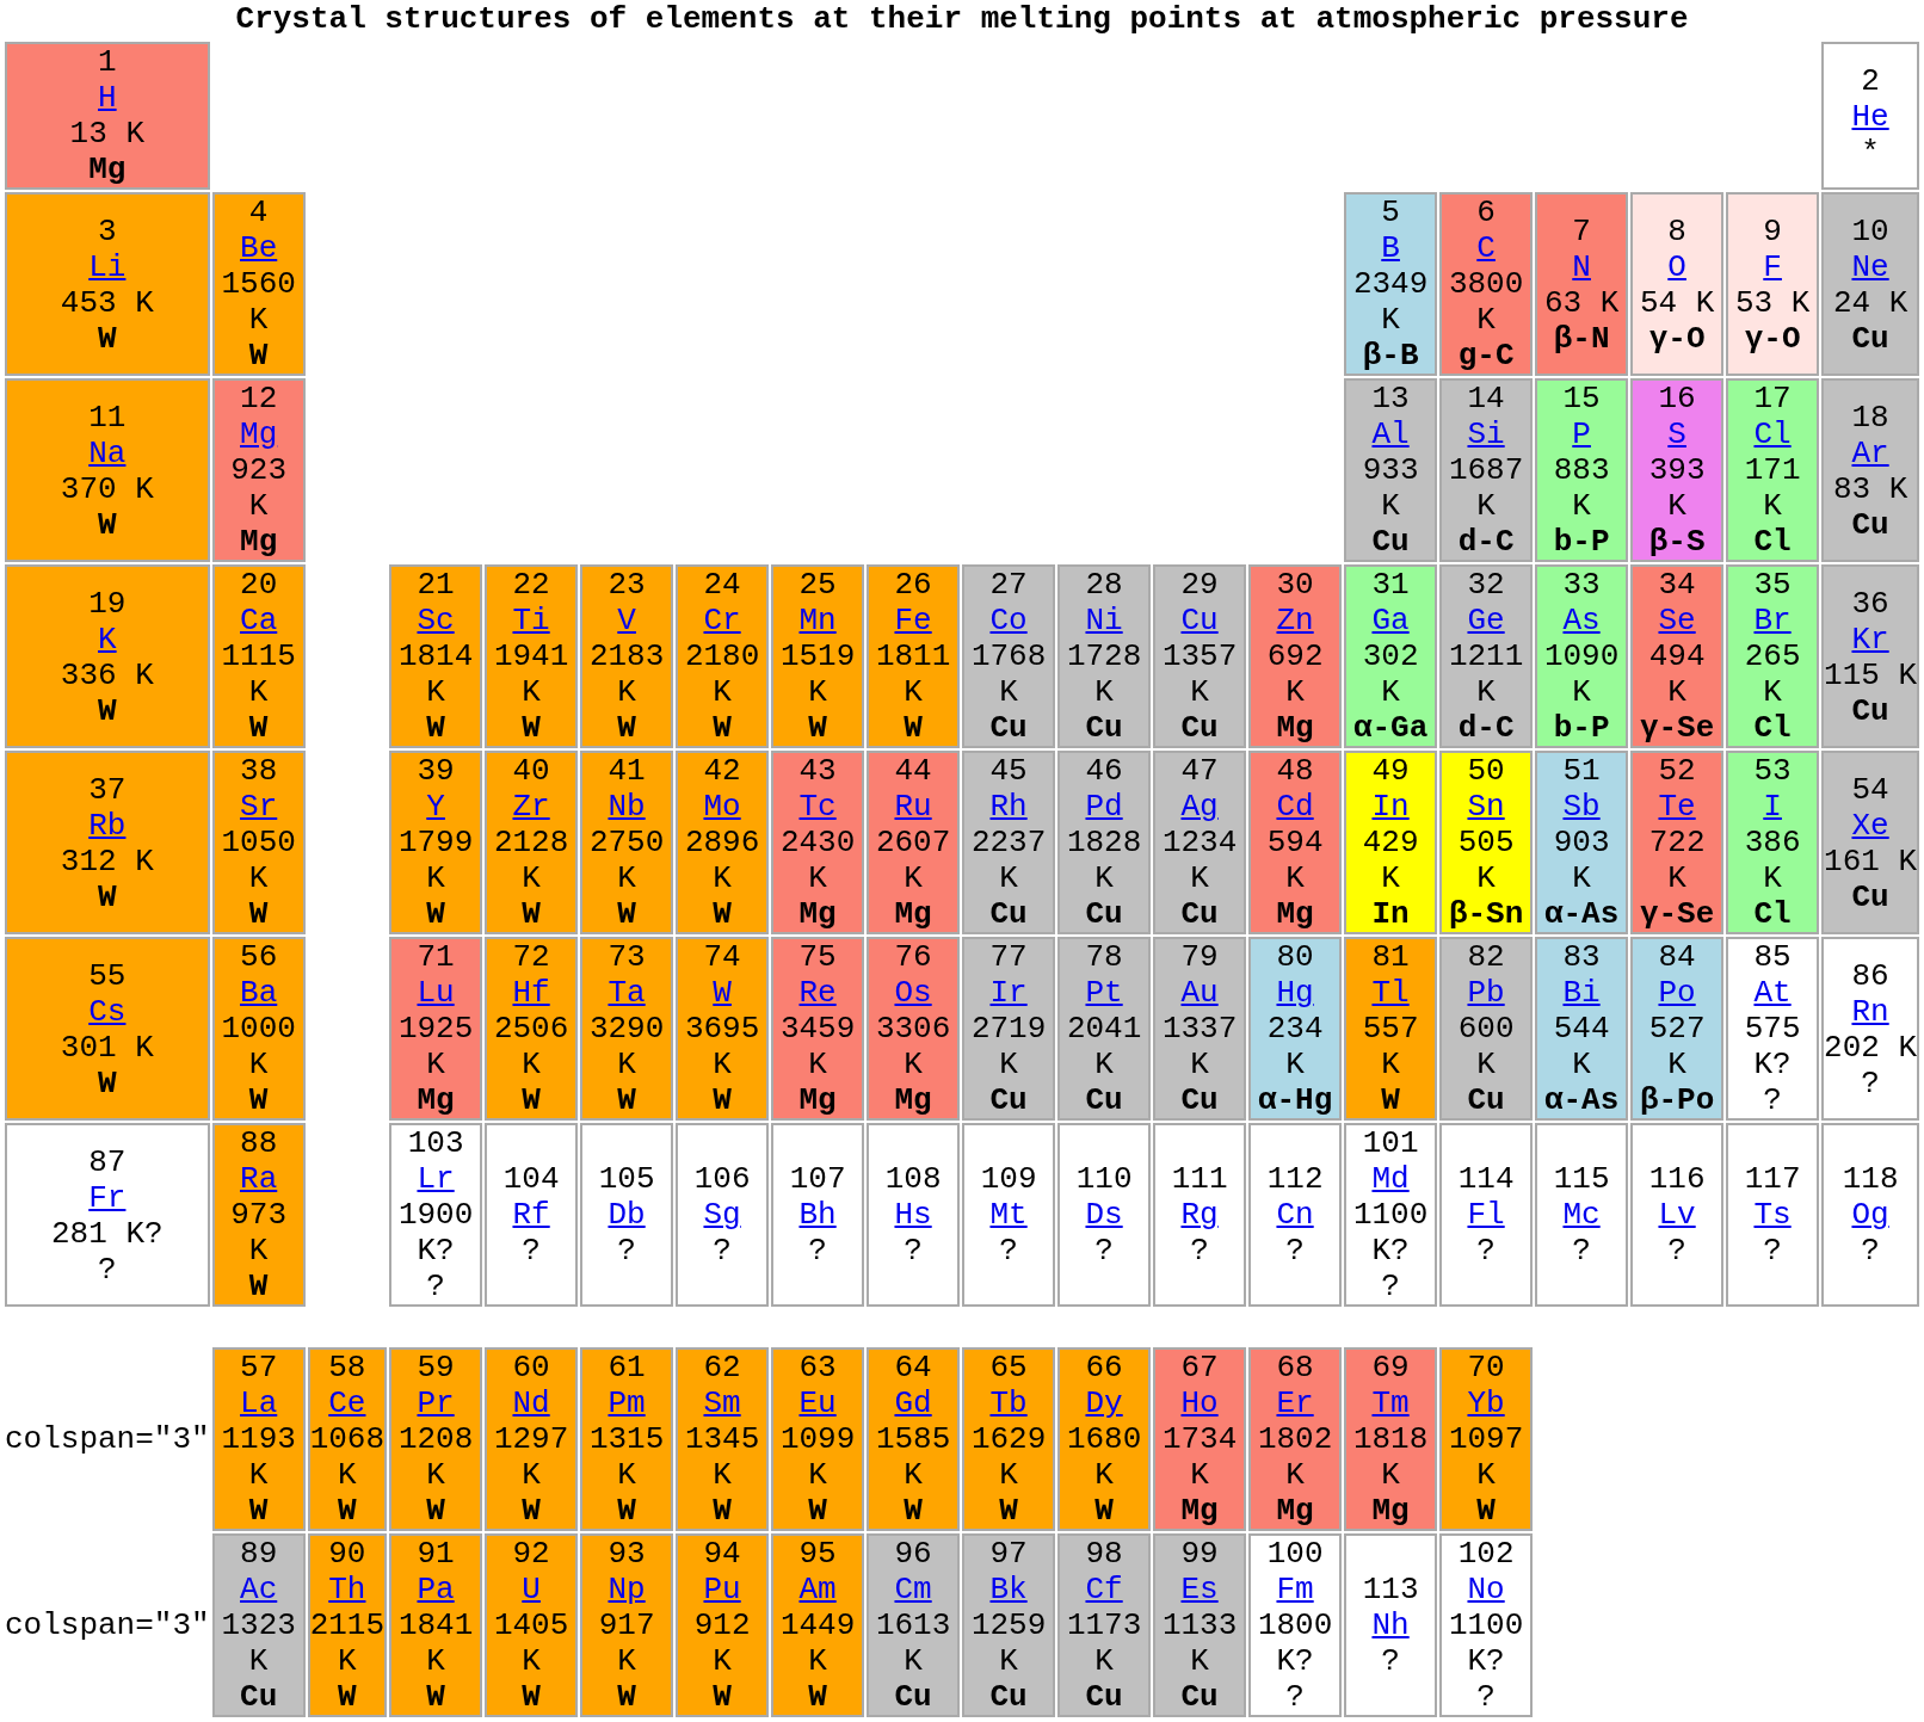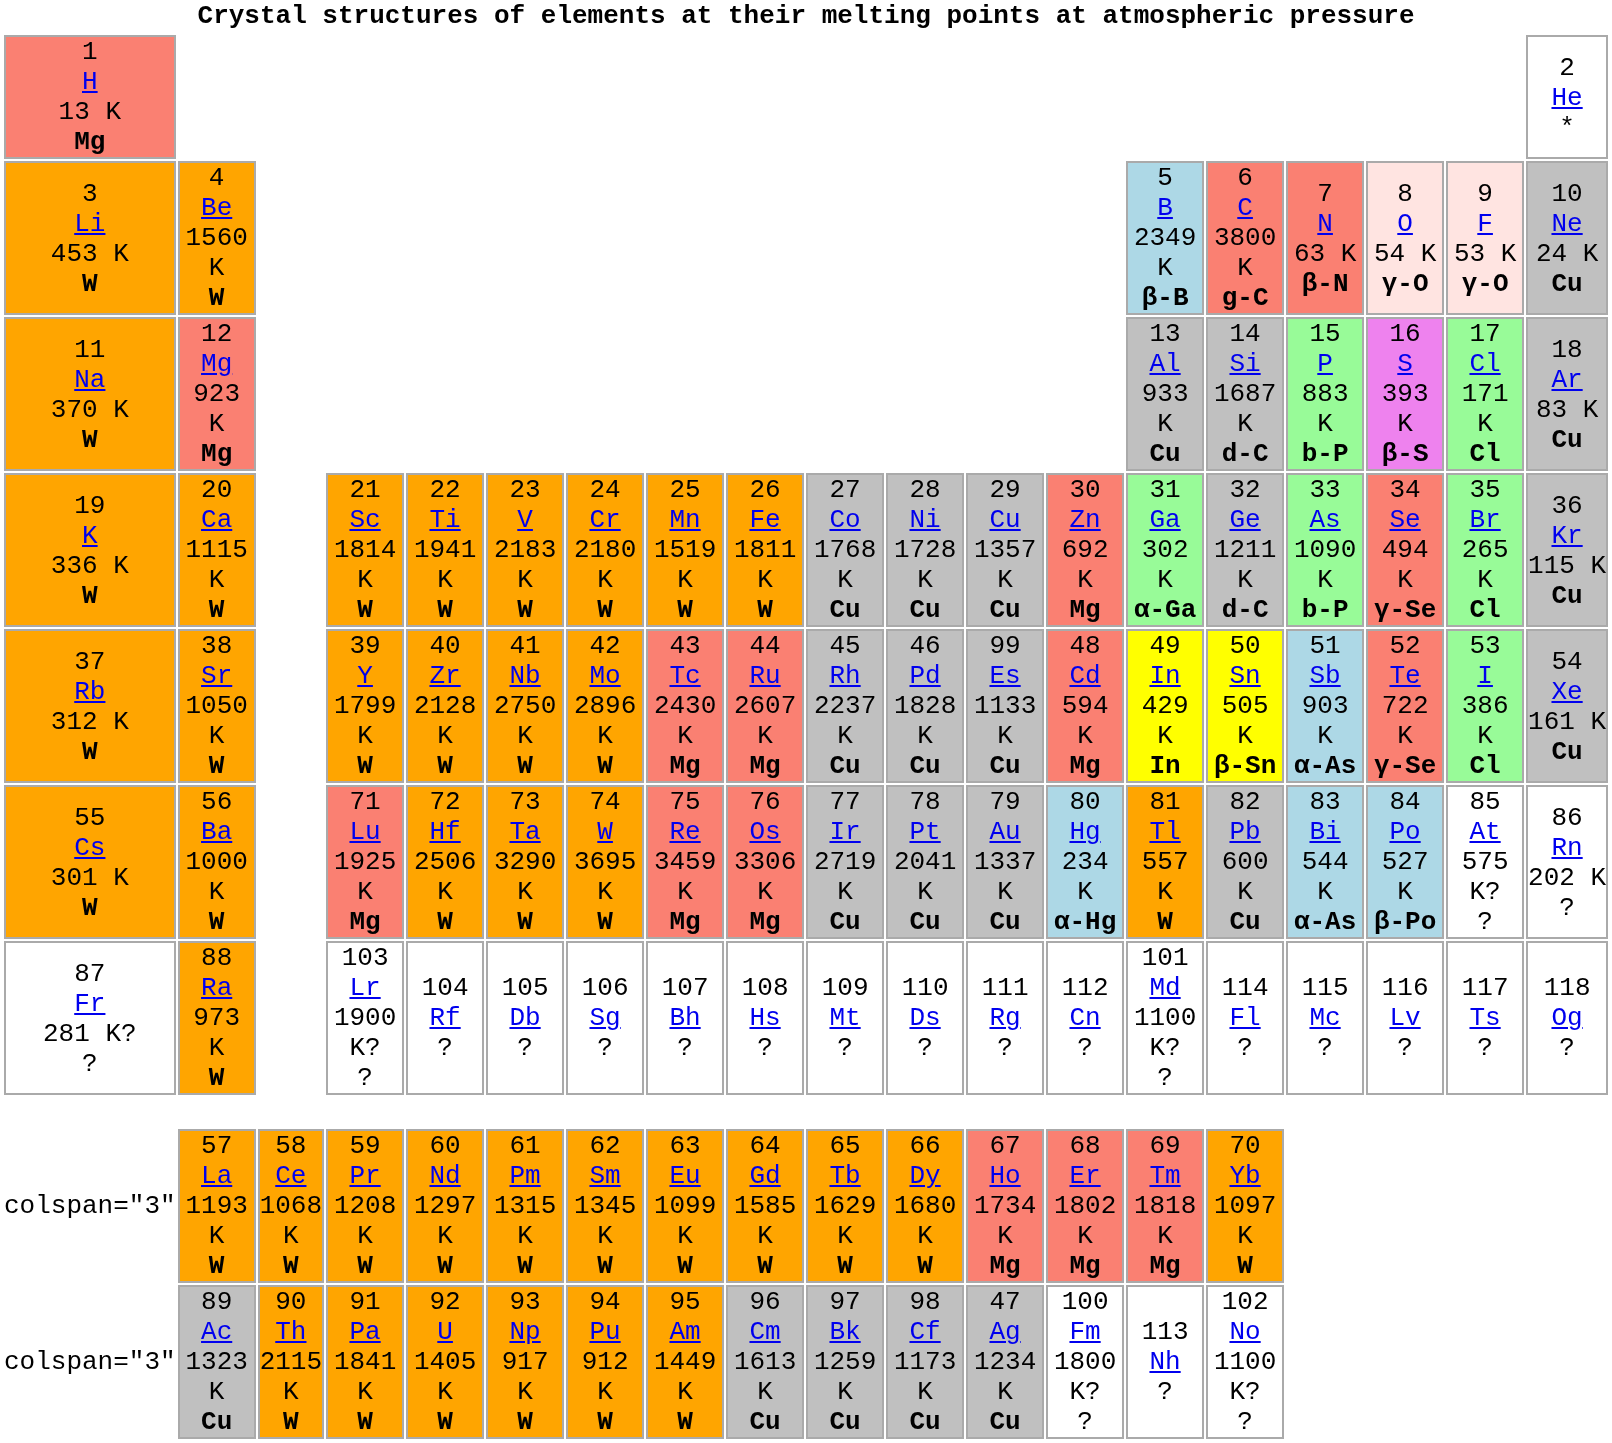 <table border="0" cellpadding="0" cellspacing="1" style="text-align:center; background:">
 <tr>
 <th colspan=20 style="background:">Crystal structures of elements at their melting points at atmospheric pressure</th>
 </tr>
 <tr style="background:">
 </tr>
 <tr>
 <td style="width:3em; border:1px solid #aaaaaa;  background-color:salmon;">1<br><a href='#'>H</a><br>13 K<br><strong>Mg</strong></td>
 <td style="width:3em;"></td>
 <td style="width:0.5em;"></td>
 <td style="width:3em;"></td>
 <td style="width:3em;"></td>
 <td style="width:3em;"></td>
 <td style="width:3em;"></td>
 <td style="width:3em;"></td>
 <td style="width:3em;"></td>
 <td style="width:3em;"></td>
 <td style="width:3em;"></td>
 <td style="width:3em;"></td>
 <td style="width:3em;"></td>
 <td style="width:3em;"></td>
 <td style="width:3em;"></td>
 <td style="width:3em;"></td>
 <td style="width:3em;"></td>
 <td style="width:3em;"></td>
 <td style="width:3em; border:1px solid #aaaaaa; background-color:white;">2<br><a href='#'>He</a><br>*<br></td>
 </tr>
 <tr>
 <td style="border:1px solid #aaaaaa; background-color:orange;">3<br> <a href='#'>Li</a><br>453 K<br><strong>W</strong></td>
 <td style="border:1px solid #aaaaaa; background-color:orange;">4<br> <a href='#'>Be</a><br>1560 K<br><strong>W</strong></td>
 <td colspan=11></td>
 <td style="border:1px solid #aaaaaa; background-color:lightblue;">5<br> <a href='#'>B</a><br>2349 K<br><strong>β-B</strong></td>
 <td style="border:1px solid #aaaaaa; background-color:salmon;">6<br> <a href='#'>C</a><br>3800 K<br><strong>g-C</strong></td>
 <td style="border:1px solid #aaaaaa; background-color:salmon;">7<br> <a href='#'>N</a><br>63 K<br><strong>β-N</strong></td>
 <td style="border:1px solid #aaaaaa; background-color:mistyrose;">8<br> <a href='#'>O</a><br> 54 K<br><strong>γ-O</strong></td>
 <td style="border:1px solid #aaaaaa; background-color:mistyrose;">9<br> <a href='#'>F</a><br>53 K<br><strong>γ-O</strong></td>
 <td style="border:1px solid #aaaaaa; background-color:silver;">10<br> <a href='#'>Ne</a><br>24 K<br><strong>Cu</strong></td>
 </tr>
 <tr>
 <td style="border:1px solid #aaaaaa; background-color:orange;">11<br> <a href='#'>Na</a><br>370 K<br><strong>W</strong></td>
 <td style="border:1px solid #aaaaaa; background-color:salmon;">12<br> <a href='#'>Mg</a><br>923 K<br><strong>Mg</strong></td>
 <td colspan=11></td>
 <td style="border:1px solid #aaaaaa; background-color:silver;">13<br> <a href='#'>Al</a> <br>933 K<br><strong>Cu</strong></td>
 <td style="border:1px solid #aaaaaa; background-color:silver;">14<br> <a href='#'>Si</a> <br>1687 K<br><strong>d-C</strong></td>
 <td style="border:1px solid #aaaaaa; background-color:palegreen;">15<br> <a href='#'>P</a> <br>883 K<br><strong>b-P</strong></td>
 <td style="border:1px solid #aaaaaa; background-color:violet;">16<br> <a href='#'>S</a> <br>393 K<br><strong>β-S</strong></td>
 <td style="border:1px solid #aaaaaa; background-color:palegreen;">17<br> <a href='#'>Cl</a> <br>171 K<br><strong>Cl</strong></td>
 <td style="border:1px solid #aaaaaa; background-color:silver;">18<br> <a href='#'>Ar</a> <br>83 K<br><strong>Cu</strong></td>
 </tr>
 <tr>
 <td style="border:1px solid #aaaaaa; background-color:orange;">19<br><a href='#'>K</a><br>336 K<br><strong>W</strong></td>
 <td style="border:1px solid #aaaaaa; background-color:orange;">20<br> <a href='#'>Ca</a> <br>1115 K<br><strong>W</strong></td>
 <td></td>
 <td style="border:1px solid #aaaaaa; background-color:orange;">21<br><a href='#'>Sc</a><br>1814 K<br><strong>W</strong></td>
 <td style="border:1px solid #aaaaaa; background-color:orange;">22<br><a href='#'>Ti</a> <br>1941 K<br><strong>W</strong></td>
 <td style="border:1px solid #aaaaaa; background-color:orange;">23<br> <a href='#'>V</a><br>2183 K<br><strong>W</strong></td>
 <td style="border:1px solid #aaaaaa; background-color:orange;">24<br><a href='#'>Cr</a> <br>2180 K<br><strong>W</strong></td>
 <td style="border:1px solid #aaaaaa; background-color:orange;">25<br> <a href='#'>Mn</a><br>1519 K<br><strong>W</strong></td>
 <td style="border:1px solid #aaaaaa; background-color:orange;">26<br><a href='#'>Fe</a> <br>1811 K<br><strong>W</strong></td>
 <td style="border:1px solid #aaaaaa; background-color:silver;">27<br> <a href='#'>Co</a> <br>1768 K<br><strong>Cu</strong></td>
 <td style="border:1px solid #aaaaaa; background-color:silver;">28<br> <a href='#'>Ni</a> <br>1728 K<br><strong>Cu</strong></td>
 <td style="border:1px solid #aaaaaa; background-color:silver">29<br><a href='#'>Cu</a> <br>1357 K<br><strong>Cu</strong></td>
 <td style="border:1px solid #aaaaaa; background-color:salmon">30<br> <a href='#'>Zn</a> <br>692 K<br><strong>Mg</strong></td>
 <td style="border:1px solid #aaaaaa; background-color:palegreen;">31<br><a href='#'>Ga</a> <br>302 K<br><strong>α-Ga</strong></td>
 <td style="border:1px solid #aaaaaa; background-color:silver">32<br> <a href='#'>Ge</a> <br>1211 K<br><strong>d-C</strong></td>
 <td style="border:1px solid #aaaaaa; background-color:palegreen;">33<br><a href='#'>As</a> <br>1090 K<br><strong>b-P</strong></td>
 <td style="border:1px solid #aaaaaa; background-color:salmon;">34<br><a href='#'>Se</a> <br>494 K<br><strong>γ-Se</strong></td>
 <td style="border:1px solid #aaaaaa; background-color:palegreen;">35<br><a href='#'>Br</a> <br>265 K<br><strong>Cl</strong></td>
 <td style="border:1px solid #aaaaaa; background-color:silver;">36<br> <a href='#'>Kr</a> <br>115 K<br><strong>Cu</strong></td>
 </tr>
 <tr>
 <td style="border:1px solid #aaaaaa; background-color:orange;">37<br> <a href='#'>Rb</a> <br>312 K<br><strong>W</strong></td>
 <td style="border:1px solid #aaaaaa; background-color:orange;">38<br> <a href='#'>Sr</a> <br>1050 K<br><strong>W</strong></td>
 <td></td>
 <td style="border:1px solid #aaaaaa; background-color:orange;">39<br> <a href='#'>Y</a> <br>1799 K<br><strong>W</strong></td>
 <td style="border:1px solid #aaaaaa; background-color:orange;">40<br><a href='#'>Zr</a> <br>2128 K<br><strong>W</strong></td>
 <td style="border:1px solid #aaaaaa; background-color:orange;">41<br><a href='#'>Nb</a> <br>2750 K<br><strong>W</strong></td>
 <td style="border:1px solid #aaaaaa; background-color:orange;">42<br> <a href='#'>Mo</a> <br>2896 K<br><strong>W</strong></td>
 <td style="border:1px solid #aaaaaa; background-color:salmon;">43<br> <a href='#'>Tc</a> <br>2430 K<br><strong>Mg</strong></td>
 <td style="border:1px solid #aaaaaa; background-color:salmon;">44<br> <a href='#'>Ru</a> <br>2607 K<br><strong>Mg</strong></td>
 <td style="border:1px solid #aaaaaa; background-color:silver;">45<br> <a href='#'>Rh</a> <br>2237 K<br><strong>Cu</strong></td>
 <td style="border:1px solid #aaaaaa; background-color:silver;">46<br> <a href='#'>Pd</a> <br>1828 K<br><strong>Cu</strong></td>
-<td style="border:1px solid #aaaaaa; background-color:silver;">47<br> <a href='#'>Ag</a> <br>1234 K<br><strong>Cu</strong></td>
+<td style="border:1px solid #aaaaaa; background-color:silver;">99<br><a href='#'>Es</a><br>1133 K<br><strong>Cu</strong></td>
 <td style="border:1px solid #aaaaaa; background-color:salmon;">48<br> <a href='#'>Cd</a> <br>594 K<br><strong>Mg</strong></td>
 <td style="border:1px solid #aaaaaa; background-color:yellow;">49<br> <a href='#'>In</a> <br>429 K<br><strong>In</strong></td>
 <td style="border:1px solid #aaaaaa; background-color:yellow;">50<br> <a href='#'>Sn</a> <br>505 K<br><strong>β-Sn</strong></td>
 <td style="border:1px solid #aaaaaa; background-color:lightblue;">51<br> <a href='#'>Sb</a> <br>903 K<br><strong>α-As</strong></td>
 <td style="border:1px solid #aaaaaa; background-color:salmon;">52<br><a href='#'>Te</a> <br>722 K<br><strong>γ-Se</strong></td>
 <td style="border:1px solid #aaaaaa; background-color:palegreen;">53<br><a href='#'>I</a> <br>386 K<br><strong>Cl</strong></td>
 <td style="border:1px solid #aaaaaa; background-color:silver;">54<br> <a href='#'>Xe</a> <br>161 K<br><strong>Cu</strong></td>
 </tr>
 <tr>
 <td style="border:1px solid #aaaaaa; background-color:orange;">55<br> <a href='#'>Cs</a><br>301 K<br><strong>W</strong></td>
 <td style="border:1px solid #aaaaaa; background-color:orange;">56<br> <a href='#'>Ba</a><br>1000 K<br><strong>W</strong></td>
 <td></td>
 <td style="border:1px solid #aaaaaa; background-color:salmon;">71<br><a href='#'>Lu</a><br>1925 K<br><strong>Mg</strong></td>
 <td style="border:1px solid #aaaaaa; background-color:orange;">72<br> <a href='#'>Hf</a> <br>2506 K<br><strong>W</strong></td>
 <td style="border:1px solid #aaaaaa; background-color:orange;">73<br> <a href='#'>Ta</a> <br>3290 K<br><strong>W</strong></td>
 <td style="border:1px solid #aaaaaa; background-color:orange;">74<br> <a href='#'>W</a> <br>3695 K<br><strong>W</strong></td>
 <td style="border:1px solid #aaaaaa; background-color:salmon;">75<br> <a href='#'>Re</a> <br>3459 K<br><strong>Mg</strong></td>
 <td style="border:1px solid #aaaaaa; background-color:salmon;">76<br> <a href='#'>Os</a> <br>3306 K<br><strong>Mg</strong></td>
 <td style="border:1px solid #aaaaaa; background-color:silver;">77<br> <a href='#'>Ir</a><br>2719 K<br><strong>Cu</strong></td>
 <td style="border:1px solid #aaaaaa; background-color:silver;">78<br> <a href='#'>Pt</a> <br>2041 K<br><strong>Cu</strong></td>
 <td style="border:1px solid #aaaaaa; background-color:silver;">79<br> <a href='#'>Au</a> <br>1337 K<br><strong>Cu</strong></td>
 <td style="border:1px solid #aaaaaa; background-color:lightblue;">80<br> <a href='#'>Hg</a> <br>234 K<br><strong>α-Hg</strong></td>
 <td style="border:1px solid #aaaaaa; background-color:orange;">81<br> <a href='#'>Tl</a> <br>557 K<br><strong>W</strong></td>
 <td style="border:1px solid #aaaaaa; background-color:silver;">82<br> <a href='#'>Pb</a> <br>600 K<br><strong>Cu</strong></td>
 <td style="border:1px solid #aaaaaa; background-color:lightblue;">83<br> <a href='#'>Bi</a> <br>544 K<br><strong>α-As</strong></td>
 <td style="border:1px solid #aaaaaa; background-color:lightblue;">84<br> <a href='#'>Po</a> <br>527 K<br><strong>β-Po</strong></td>
 <td style="border:1px solid #aaaaaa; background-color:white;">85<br> <a href='#'>At</a> <br>575 K?<br>?</td>
 <td style="border:1px solid #aaaaaa; background-color:white;">86<br> <a href='#'>Rn</a> <br>202 K<br>?</td>
 </tr>
 <tr>
 <td style="border:1px solid #aaaaaa; background-color:white;">87<br><a href='#'>Fr</a><br>281 K?<br>?</td>
 <td style="border:1px solid #aaaaaa; background-color:orange;">88<br> <a href='#'>Ra</a><br>973 K<br><strong>W</strong></td>
 <td></td>
 <td style="border:1px solid #aaaaaa; background-color:white;">103<br><a href='#'>Lr</a><br>1900 K?<br>?</td>
 <td style="border:1px solid #aaaaaa; background-color:white;">104<br> <a href='#'>Rf</a><br>?<br></td>
 <td style="border:1px solid #aaaaaa; background-color:white;">105<br> <a href='#'>Db</a><br>?<br></td>
 <td style="border:1px solid #aaaaaa; background-color:white;">106<br> <a href='#'>Sg</a><br>?<br></td>
 <td style="border:1px solid #aaaaaa; background-color:white;">107<br> <a href='#'>Bh</a><br>?<br></td>
 <td style="border:1px solid #aaaaaa; background-color:white;">108<br> <a href='#'>Hs</a><br>?<br></td>
 <td style="border:1px solid #aaaaaa; background-color:white;">109<br> <a href='#'>Mt</a><br>?<br></td>
 <td style="border:1px solid #aaaaaa; background-color:white;">110<br> <a href='#'>Ds</a><br>?<br></td>
 <td style="border:1px solid #aaaaaa; background-color:white;">111<br> <a href='#'>Rg</a><br>?<br></td>
 <td style="border:1px solid #aaaaaa; background-color:white;">112<br> <a href='#'>Cn</a><br>?<br></td>
 <td style="border:1px solid #aaaaaa; background-color:white;">101<br><a href='#'>Md</a><br> 1100 K?<br>?</td>
 <td style="border:1px solid #aaaaaa; background-color:white;">114<br> <a href='#'>Fl</a><br>?<br></td>
 <td style="border:1px solid #aaaaaa; background-color:white;">115<br> <a href='#'>Mc</a><br>?<br></td>
 <td style="border:1px solid #aaaaaa; background-color:white;">116<br> <a href='#'>Lv</a><br>?<br></td>
 <td style="border:1px solid #aaaaaa; background-color:white;">117<br> <a href='#'>Ts</a><br>?<br></td>
 <td style="border:1px solid #aaaaaa; background-color:white;">118<br> <a href='#'>Og</a><br>?<br></td>
 </tr>
 <tr>
 <td><br></td>
 </tr>
 <tr>
 <td>colspan="3" </td>
 <td style="border:1px solid #aaaaaa; background-color:orange;">57<br><a href='#'>La</a><br>1193 K<br><strong>W</strong></td>
 <td style="border:1px solid #aaaaaa; background-color:orange;">58<br><a href='#'>Ce</a><br>1068 K<br><strong>W</strong></td>
 <td style="border:1px solid #aaaaaa; background-color:orange;">59<br><a href='#'>Pr</a><br>1208 K<br><strong>W</strong></td>
 <td style="border:1px solid #aaaaaa; background-color:orange;">60<br><a href='#'>Nd</a> <br>1297 K<br><strong>W</strong></td>
 <td style="border:1px solid #aaaaaa; background-color:orange;">61<br><a href='#'>Pm</a><br>1315 K<br><strong>W</strong></td>
 <td style="border:1px solid #aaaaaa; background-color:orange;">62<br><a href='#'>Sm</a><br>1345 K<br><strong>W</strong></td>
 <td style="border:1px solid #aaaaaa; background-color:orange;">63<br><a href='#'>Eu</a><br>1099 K<br><strong>W</strong></td>
 <td style="border:1px solid #aaaaaa; background-color:orange;">64<br><a href='#'>Gd</a><br>1585 K<br><strong>W</strong></td>
 <td style="border:1px solid #aaaaaa; background-color:orange;">65<br><a href='#'>Tb</a><br>1629 K<br><strong>W</strong></td>
 <td style="border:1px solid #aaaaaa; background-color:orange;">66<br><a href='#'>Dy</a><br>1680 K<br><strong>W</strong></td>
 <td style="border:1px solid #aaaaaa; background-color:salmon;">67<br><a href='#'>Ho</a><br>1734 K<br><strong>Mg</strong></td>
 <td style="border:1px solid #aaaaaa; background-color:salmon;">68<br><a href='#'>Er</a><br>1802 K<br><strong>Mg</strong></td>
 <td style="border:1px solid #aaaaaa; background-color:salmon;">69<br><a href='#'>Tm</a><br>1818 K<br><strong>Mg</strong></td>
 <td style="border:1px solid #aaaaaa; background-color:orange;">70<br><a href='#'>Yb</a><br>1097 K<br><strong>W</strong></td>
 </tr>
 <tr>
 <td>colspan="3" </td>
 <td style="border:1px solid #aaaaaa; background-color:silver;">89<br><a href='#'>Ac</a><br>1323 K<br><strong>Cu</strong></td>
 <td style="border:1px solid #aaaaaa; background-color:orange;">90<br><a href='#'>Th</a><br>2115 K<br><strong>W</strong></td>
 <td style="border:1px solid #aaaaaa; background-color:orange;">91<br><a href='#'>Pa</a><br>1841 K<br><strong>W</strong></td>
 <td style="border:1px solid #aaaaaa; background-color:orange;">92<br><a href='#'>U</a><br>1405 K<br><strong>W</strong></td>
 <td style="border:1px solid #aaaaaa; background-color:orange;">93<br><a href='#'>Np</a><br>917 K<br><strong>W</strong></td>
 <td style="border:1px solid #aaaaaa; background-color:orange;">94<br><a href='#'>Pu</a><br>912 K<br><strong>W</strong></td>
 <td style="border:1px solid #aaaaaa; background-color:orange;">95<br><a href='#'>Am</a><br>1449 K<br><strong>W</strong></td>
 <td style="border:1px solid #aaaaaa; background-color:silver;">96<br><a href='#'>Cm</a><br>1613 K<br><strong>Cu</strong></td>
 <td style="border:1px solid #aaaaaa; background-color:silver;">97<br><a href='#'>Bk</a><br>1259 K<br><strong>Cu</strong></td>
 <td style="border:1px solid #aaaaaa; background-color:silver;">98<br><a href='#'>Cf</a><br>1173 K<br><strong>Cu</strong></td>
-<td style="border:1px solid #aaaaaa; background-color:silver;">99<br><a href='#'>Es</a><br>1133 K<br><strong>Cu</strong></td>
+<td style="border:1px solid #aaaaaa; background-color:silver;">47<br> <a href='#'>Ag</a> <br>1234 K<br><strong>Cu</strong></td>
 <td style="border:1px solid #aaaaaa; background-color:white;">100<br><a href='#'>Fm</a><br>1800 K?<br>?</td>
 <td style="border:1px solid #aaaaaa; background-color:white;">113<br> <a href='#'>Nh</a><br>?<br></td>
 <td style="border:1px solid #aaaaaa; background-color:white;">102<br><a href='#'>No</a><br> 1100 K?<br>?</td>
 </tr>
 </table>
